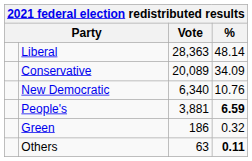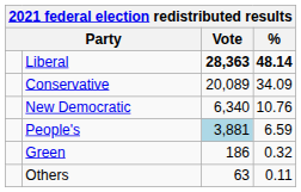 <table class="wikitable">
 <tr>
 <th colspan="4"><a href='#'>2021 federal election</a> redistributed results</th>
 </tr>
 <tr>
 <th bgcolor="#DDDDFF" width="130px" colspan="2">Party</th>
 <th bgcolor="#DDDDFF" width="50px">Vote</th>
 <th bgcolor="#DDDDFF" width="30px">%</th>
 </tr>
 <tr>
 <td> </td>
 <td><a href='#'>Liberal</a></td>
-<td align=right>28,363</td>
-<td align=right>48.14</td>
+<td align=right><strong>28,363</strong></td>
+<td align=right><strong>48.14</strong></td>
 </tr>
 <tr>
 <td> </td>
 <td><a href='#'>Conservative</a></td>
 <td align=right>20,089</td>
 <td align=right>34.09</td>
 </tr>
 <tr>
 <td> </td>
 <td><a href='#'>New Democratic</a></td>
 <td align=right>6,340</td>
 <td align=right>10.76</td>
 </tr>
 <tr>
 <td> </td>
 <td><a href='#'>People's</a></td>
-<td align=right>3,881</td>
-<td align=right><strong>6.59</strong></td>
+<td align=right style="background: lightblue;">3,881</td>
+<td align=right>6.59</td>
 </tr>
 <tr>
 <td> </td>
 <td><a href='#'>Green</a></td>
 <td align=right>186</td>
 <td align=right>0.32</td>
 </tr>
 <tr>
 <td> </td>
 <td>Others</td>
 <td align=right>63</td>
-<td align=right><strong>0.11</strong></td>
+<td align=right>0.11</td>
 </tr>
 </table>
